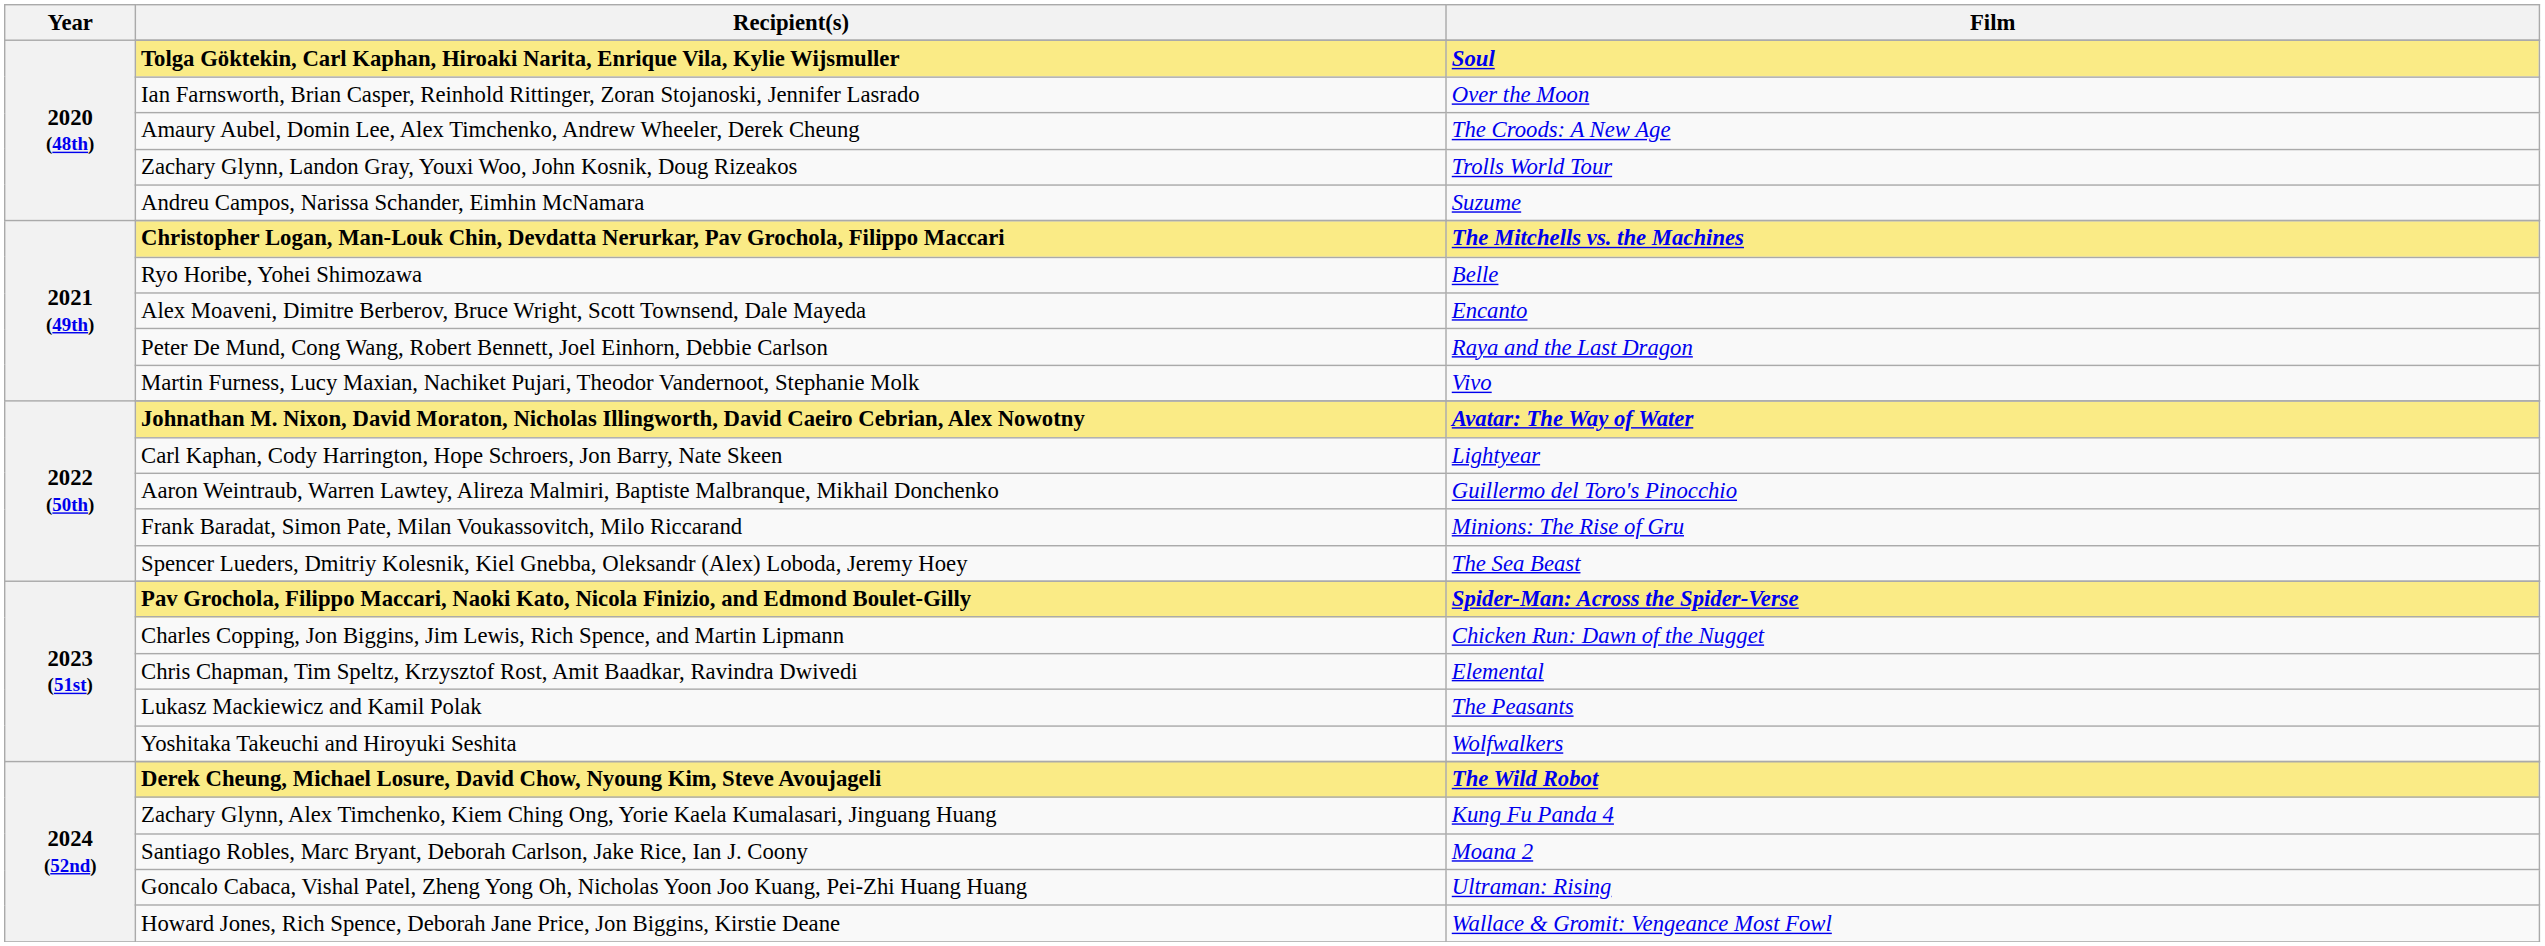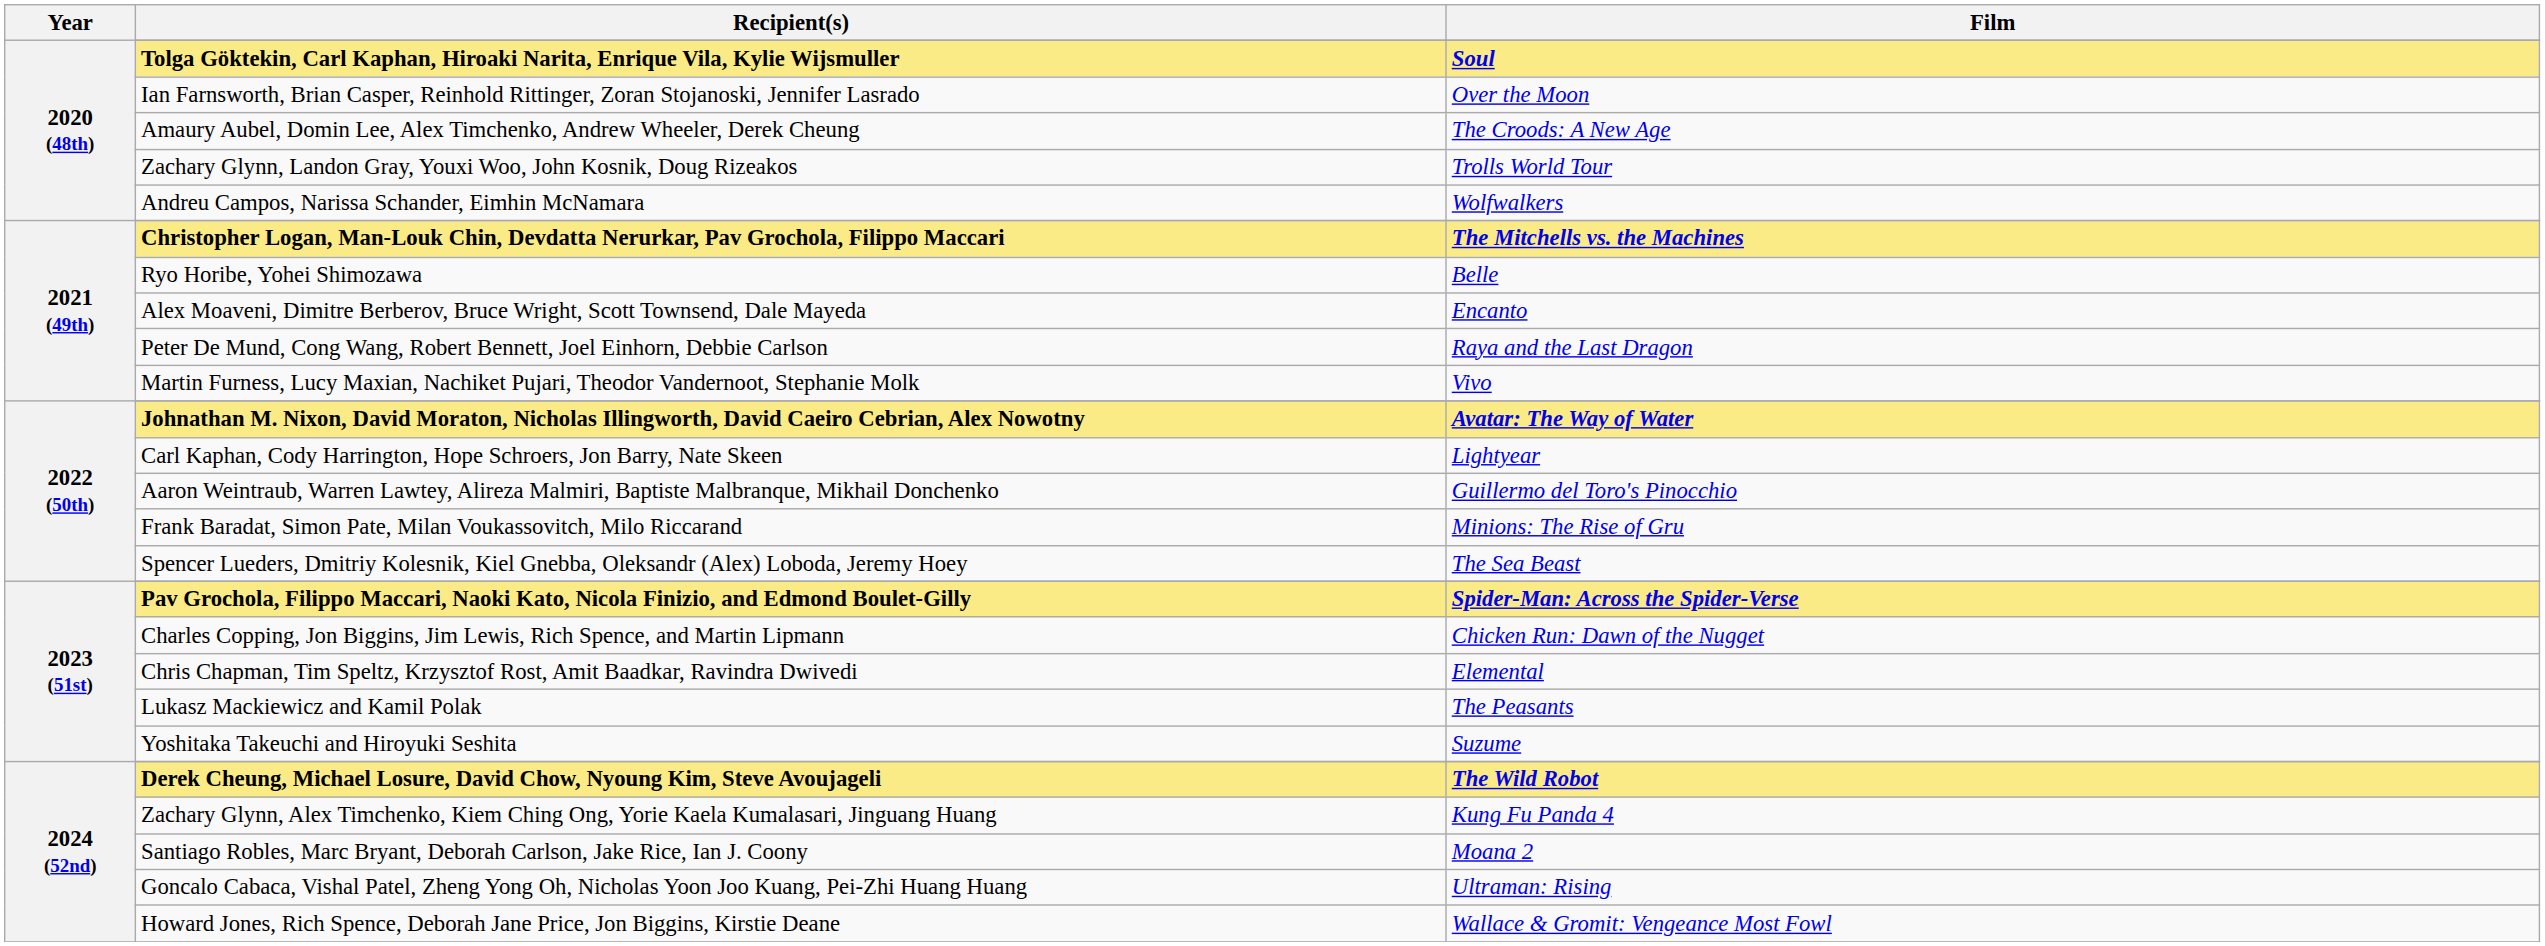 <table class="wikitable" style="width:90%;">
 <tr>
 <th style="width:3%;">Year</th>
 <th style="width:30%;">Recipient(s)</th>
 <th style="width:25%;">Film</th>
 </tr>
 <tr>
 <th rowspan="6" style="text-align:center;">2020 <br><small>(<a href='#'>48th</a>)</small><br></th>
 </tr>
 <tr style="background:#FAEB86;">
 <td><strong>Tolga Göktekin, Carl Kaphan, Hiroaki Narita, Enrique Vila, Kylie Wijsmuller</strong></td>
 <td><strong><em><a href='#'>Soul</a></em></strong></td>
 </tr>
 <tr>
 <td>Ian Farnsworth, Brian Casper, Reinhold Rittinger, Zoran Stojanoski, Jennifer Lasrado</td>
 <td><em><a href='#'>Over the Moon</a></em></td>
 </tr>
 <tr>
 <td>Amaury Aubel, Domin Lee, Alex Timchenko, Andrew Wheeler, Derek Cheung</td>
 <td><em><a href='#'>The Croods: A New Age</a></em></td>
 </tr>
 <tr>
 <td>Zachary Glynn, Landon Gray, Youxi Woo, John Kosnik, Doug Rizeakos</td>
 <td><em><a href='#'>Trolls World Tour</a></em></td>
 </tr>
 <tr>
 <td>Andreu Campos, Narissa Schander, Eimhin McNamara</td>
-<td><em><a href='#'>Suzume</a></em></td>
+<td><em><a href='#'>Wolfwalkers</a></em></td>
 </tr>
 <tr>
 <th rowspan="6" style="text-align:center;">2021 <br><small>(<a href='#'>49th</a>)</small><br></th>
 </tr>
 <tr style="background:#FAEB86;">
 <td><strong>Christopher Logan, Man-Louk Chin, Devdatta Nerurkar, Pav Grochola, Filippo Maccari</strong></td>
 <td><strong><em><a href='#'>The Mitchells vs. the Machines</a></em></strong></td>
 </tr>
 <tr>
 <td>Ryo Horibe, Yohei Shimozawa</td>
 <td><em><a href='#'>Belle</a></em></td>
 </tr>
 <tr>
 <td>Alex Moaveni, Dimitre Berberov, Bruce Wright, Scott Townsend, Dale Mayeda</td>
 <td><em><a href='#'>Encanto</a></em></td>
 </tr>
 <tr>
 <td>Peter De Mund, Cong Wang, Robert Bennett, Joel Einhorn, Debbie Carlson</td>
 <td><em><a href='#'>Raya and the Last Dragon</a></em></td>
 </tr>
 <tr>
 <td>Martin Furness, Lucy Maxian, Nachiket Pujari, Theodor Vandernoot, Stephanie Molk</td>
 <td><em><a href='#'>Vivo</a></em></td>
 </tr>
 <tr>
 <th rowspan="6" style="text-align:center;">2022 <br><small>(<a href='#'>50th</a>)</small><br></th>
 </tr>
 <tr style="background:#FAEB86;">
 <td><strong>Johnathan M. Nixon, David Moraton, Nicholas Illingworth, David Caeiro Cebrian, Alex Nowotny</strong></td>
 <td><strong><em><a href='#'>Avatar: The Way of Water</a></em></strong></td>
 </tr>
 <tr>
 <td>Carl Kaphan, Cody Harrington, Hope Schroers, Jon Barry, Nate Skeen</td>
 <td><em><a href='#'>Lightyear</a></em></td>
 </tr>
 <tr>
 <td>Aaron Weintraub, Warren Lawtey, Alireza Malmiri, Baptiste Malbranque, Mikhail Donchenko</td>
 <td><em><a href='#'>Guillermo del Toro's Pinocchio</a></em></td>
 </tr>
 <tr>
 <td>Frank Baradat, Simon Pate, Milan Voukassovitch, Milo Riccarand</td>
 <td><em><a href='#'>Minions: The Rise of Gru</a></em></td>
 </tr>
 <tr>
 <td>Spencer Lueders, Dmitriy Kolesnik, Kiel Gnebba, Oleksandr (Alex) Loboda, Jeremy Hoey</td>
 <td><em><a href='#'>The Sea Beast</a></em></td>
 </tr>
 <tr>
 <th rowspan="6" style="text-align:center;">2023 <br><small>(<a href='#'>51st</a>)</small><br></th>
 </tr>
 <tr style="background:#FAEB86;">
 <td><strong>Pav Grochola, Filippo Maccari, Naoki Kato, Nicola Finizio, and Edmond Boulet-Gilly</strong></td>
 <td><strong><em><a href='#'>Spider-Man: Across the Spider-Verse</a></em></strong></td>
 </tr>
 <tr>
 <td>Charles Copping, Jon Biggins, Jim Lewis, Rich Spence, and Martin Lipmann</td>
 <td><em><a href='#'>Chicken Run: Dawn of the Nugget</a></em></td>
 </tr>
 <tr>
 <td>Chris Chapman, Tim Speltz, Krzysztof Rost, Amit Baadkar, Ravindra Dwivedi</td>
 <td><em><a href='#'>Elemental</a></em></td>
 </tr>
 <tr>
 <td>Lukasz Mackiewicz and Kamil Polak</td>
 <td><em><a href='#'>The Peasants</a></em></td>
 </tr>
 <tr>
 <td>Yoshitaka Takeuchi and Hiroyuki Seshita</td>
-<td><em><a href='#'>Wolfwalkers</a></em></td>
+<td><em><a href='#'>Suzume</a></em></td>
 </tr>
 <tr>
 <th rowspan="6" style="text-align:center;">2024 <br><small>(<a href='#'>52nd</a>)</small><br></th>
 </tr>
 <tr style="background:#FAEB86;">
 <td><strong>Derek Cheung, Michael Losure, David Chow, Nyoung Kim, Steve Avoujageli</strong></td>
 <td><strong><em><a href='#'>The Wild Robot</a></em></strong></td>
 </tr>
 <tr>
 <td>Zachary Glynn, Alex Timchenko, Kiem Ching Ong, Yorie Kaela Kumalasari, Jinguang Huang</td>
 <td><em><a href='#'>Kung Fu Panda 4</a></em></td>
 </tr>
 <tr>
 <td>Santiago Robles, Marc Bryant, Deborah Carlson, Jake Rice, Ian J. Coony</td>
 <td><em><a href='#'>Moana 2</a></em></td>
 </tr>
 <tr>
 <td>Goncalo Cabaca, Vishal Patel, Zheng Yong Oh, Nicholas Yoon Joo Kuang, Pei-Zhi Huang Huang</td>
 <td><em><a href='#'>Ultraman: Rising</a></em></td>
 </tr>
 <tr>
 <td>Howard Jones, Rich Spence, Deborah Jane Price, Jon Biggins, Kirstie Deane</td>
 <td><em><a href='#'>Wallace & Gromit: Vengeance Most Fowl</a></em></td>
 </tr>
 </table>
